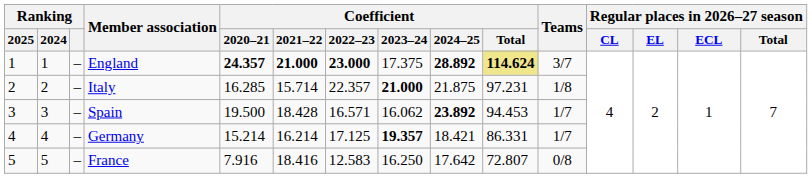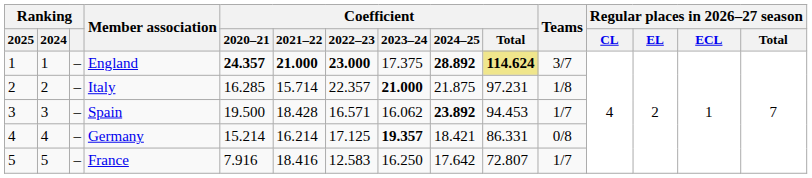 <table class="wikitable sortable" style="font-size: 97%">
 <tr>
 <th colspan="3">Ranking</th>
 <th rowspan="2">Member association<br></th>
 <th colspan="6">Coefficient</th>
 <th rowspan="2">Teams</th>
 <th colspan="4">Regular places in 2026–27 season</th>
 </tr>
 <tr style="font-size:88%">
 <th>2025</th>
 <th>2024</th>
 <th data-sort-type="number"></th>
 <th>2020–21</th>
 <th>2021–22</th>
 <th>2022–23</th>
 <th>2023–24</th>
 <th>2024–25</th>
 <th>Total</th>
 <th><a href='#'>CL</a></th>
 <th><a href='#'>EL</a></th>
 <th><a href='#'>ECL</a></th>
 <th>Total</th>
 </tr>
 <tr>
 <td>1</td>
 <td>1</td>
 <td> –</td>
 <td> <a href='#'>England</a> </td>
 <td><strong>24.357</strong></td>
 <td><strong>21.000</strong></td>
 <td><strong>23.000</strong></td>
 <td>17.375</td>
 <td><strong>28.892</strong></td>
 <td style="background: khaki;"><strong>114.624</strong></td>
 <td align="center">3/7</td>
 <td rowspan="5" align="center" bgcolor="#FFFFFF">4</td>
 <td rowspan="5" align="center" bgcolor="#FFFFFF">2</td>
 <td rowspan="5" align="center" bgcolor="#FFFFFF">1</td>
 <td rowspan="5" align="center" bgcolor="#FFFFFF">7</td>
 </tr>
 <tr>
 <td>2</td>
 <td>2</td>
 <td> –</td>
 <td> <a href='#'>Italy</a> </td>
 <td>16.285</td>
 <td>15.714</td>
 <td>22.357</td>
 <td><strong>21.000</strong></td>
 <td>21.875</td>
 <td>97.231</td>
 <td align="center">1/8</td>
 </tr>
 <tr>
 <td>3</td>
 <td>3</td>
 <td> –</td>
 <td> <a href='#'>Spain</a> </td>
 <td>19.500</td>
 <td>18.428</td>
 <td>16.571</td>
 <td>16.062</td>
 <td><strong>23.892</strong></td>
 <td>94.453</td>
 <td align="center">1/7</td>
 </tr>
 <tr>
 <td>4</td>
 <td>4</td>
 <td> –</td>
 <td> <a href='#'>Germany</a> </td>
 <td>15.214</td>
 <td>16.214</td>
 <td>17.125</td>
 <td><strong>19.357</strong></td>
 <td>18.421</td>
 <td>86.331</td>
-<td align="center">1/7</td>
+<td align="center">0/8</td>
 </tr>
 <tr>
 <td>5</td>
 <td>5</td>
 <td> –</td>
 <td> <a href='#'>France</a> </td>
 <td>7.916</td>
 <td>18.416</td>
 <td>12.583</td>
 <td>16.250</td>
 <td>17.642</td>
 <td>72.807</td>
-<td align="center">0/8</td>
+<td align="center">1/7</td>
 </tr>
 </table>
